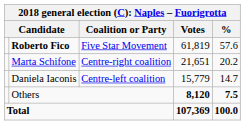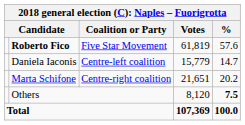 <table class=wikitable style=text-align:right>
 <tr>
 <th colspan=5>2018 general election (<a href='#'>C</a>): <a href='#'>Naples</a> – <a href='#'>Fuorigrotta</a></th>
 </tr>
 <tr>
 <th colspan=2>Candidate</th>
 <th>Coalition or Party</th>
 <th>Votes</th>
 <th>%</th>
 </tr>
 <tr>
 <td></td>
 <td align=left><strong>Roberto Fico</strong></td>
 <td align=left><a href='#'>Five Star Movement</a></td>
 <td>61,819</td>
 <td>57.6</td>
 </tr>
 <tr>
 <td></td>
+<td align=left>Daniela Iaconis</td>
+<td align=left><a href='#'>Centre-left coalition</a></td>
+<td>15,779</td>
+<td>14.7</td>
+</tr>
+<tr>
+<td></td>
 <td align=left><a href='#'>Marta Schifone</a></td>
 <td align=left><a href='#'>Centre-right coalition</a></td>
 <td>21,651</td>
 <td>20.2</td>
 </tr>
 <tr>
 <td></td>
-<td align=left>Daniela Iaconis</td>
-<td align=left><a href='#'>Centre-left coalition</a></td>
-<td>15,779</td>
-<td>14.7</td>
-</tr>
-<tr>
-<td></td>
 <td align=left colspan=2>Others</td>
-<td><strong>8,120</strong></td>
+<td>8,120</td>
 <td><strong>7.5</strong></td>
 </tr>
 <tr>
 <td align=left colspan=3><strong>Total</strong></td>
 <td><strong>107,369</strong></td>
 <td><strong>100.0</strong></td>
 </tr>
 </table>
